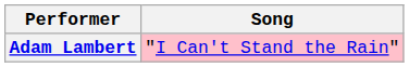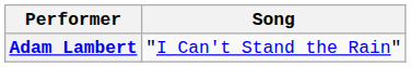 <table class="wikitable unsortable" style="text-align:center;">
 <tr>
 <th scope="col">Performer</th>
 <th scope="col">Song</th>
 </tr>
 <tr>
 <th scope="row"><a href='#'>Adam Lambert</a></th>
-<td style="background: pink;">"<a href='#'>I Can't Stand the Rain</a>"</td>
+<td>"<a href='#'>I Can't Stand the Rain</a>"</td>
 </tr>
 </table>
